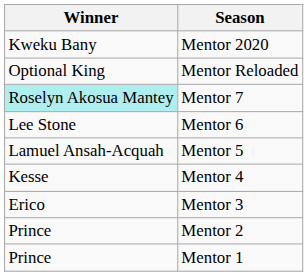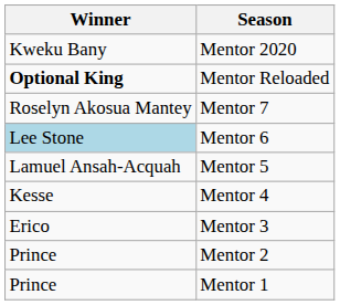 <table class="wikitable">
 <tr>
 <th>Winner</th>
 <th>Season</th>
 </tr>
 <tr>
 <td>Kweku Bany</td>
 <td>Mentor 2020</td>
 </tr>
 <tr>
-<td>Optional King</td>
+<td><strong>Optional King</strong></td>
 <td>Mentor Reloaded</td>
 </tr>
 <tr>
-<td style="background: paleturquoise;">Roselyn Akosua Mantey</td>
+<td>Roselyn Akosua Mantey</td>
 <td>Mentor 7</td>
 </tr>
 <tr>
-<td>Lee Stone</td>
+<td style="background: lightblue;">Lee Stone</td>
 <td>Mentor 6</td>
 </tr>
 <tr>
 <td>Lamuel Ansah-Acquah  </td>
 <td>Mentor 5</td>
 </tr>
 <tr>
 <td>Kesse</td>
 <td>Mentor 4</td>
 </tr>
 <tr>
 <td>Erico</td>
 <td>Mentor 3</td>
 </tr>
 <tr>
 <td>Prince</td>
 <td>Mentor 2</td>
 </tr>
 <tr>
 <td>Prince</td>
 <td>Mentor 1</td>
 </tr>
 </table>
